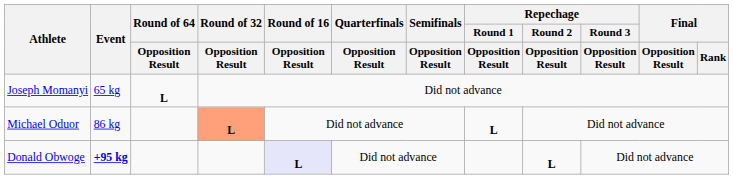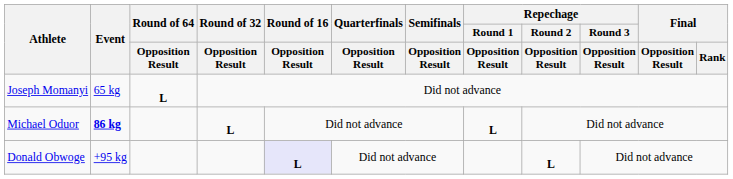 <table class="wikitable" style="font-size:90%">
 <tr>
 <th rowspan="3">Athlete</th>
 <th rowspan="3">Event</th>
 <th rowspan="2">Round of 64</th>
 <th rowspan="2">Round of 32</th>
 <th rowspan="2">Round of 16</th>
 <th rowspan="2">Quarterfinals</th>
 <th rowspan="2">Semifinals</th>
 <th colspan=3>Repechage</th>
 <th rowspan="2" colspan=2>Final</th>
 </tr>
 <tr style="font-size:95%">
 <th>Round 1</th>
 <th>Round 2</th>
 <th>Round 3</th>
 </tr>
 <tr style="font-size:95%">
 <th>Opposition<br>Result</th>
 <th>Opposition<br>Result</th>
 <th>Opposition<br>Result</th>
 <th>Opposition<br>Result</th>
 <th>Opposition<br>Result</th>
 <th>Opposition<br>Result</th>
 <th>Opposition<br>Result</th>
 <th>Opposition<br>Result</th>
 <th>Opposition<br>Result</th>
 <th>Rank</th>
 </tr>
 <tr align=center>
 <td align=left><a href='#'>Joseph Momanyi</a></td>
 <td align=left><a href='#'>65 kg</a></td>
 <td><br><strong>L</strong></td>
 <td colspan=9>Did not advance</td>
 </tr>
 <tr align=center>
 <td align=left><a href='#'>Michael Oduor</a></td>
-<td align=left><a href='#'>86 kg</a></td>
+<td align=left><strong><a href='#'>86 kg</a></strong></td>
 <td></td>
-<td style="background: lightsalmon;"><br><strong>L</strong></td>
+<td><br><strong>L</strong></td>
 <td colspan=3>Did not advance</td>
 <td><br><strong>L</strong></td>
 <td colspan=4>Did not advance</td>
 </tr>
 <tr align=center>
 <td align=left><a href='#'>Donald Obwoge</a></td>
-<td align=left><strong><a href='#'>+95 kg</a></strong></td>
+<td align=left><a href='#'>+95 kg</a></td>
 <td></td>
 <td></td>
 <td style="background: lavender;"><br><strong>L</strong></td>
 <td colspan=2>Did not advance</td>
 <td></td>
 <td><br><strong>L</strong></td>
 <td colspan=3>Did not advance</td>
 </tr>
 </table>
